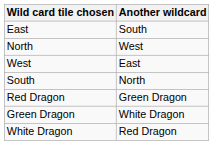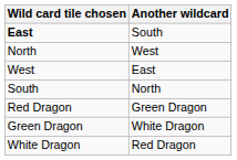 <table class="wikitable">
 <tr>
 <th>Wild card tile chosen</th>
 <th>Another wildcard</th>
 </tr>
 <tr>
-<td>East</td>
+<td><strong>East</strong></td>
 <td>South</td>
 </tr>
 <tr>
 <td>North</td>
 <td>West</td>
 </tr>
 <tr>
 <td>West</td>
 <td>East</td>
 </tr>
 <tr>
 <td>South</td>
 <td>North</td>
 </tr>
 <tr>
 <td>Red Dragon</td>
 <td>Green Dragon</td>
 </tr>
 <tr>
 <td>Green Dragon</td>
 <td>White Dragon</td>
 </tr>
 <tr>
 <td>White Dragon</td>
 <td>Red Dragon</td>
 </tr>
 </table>
